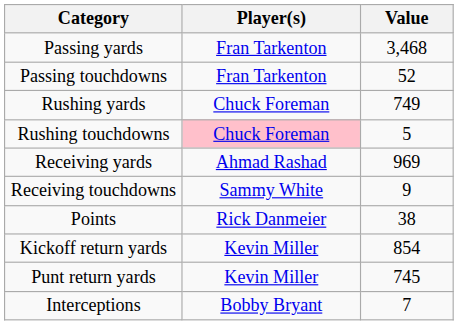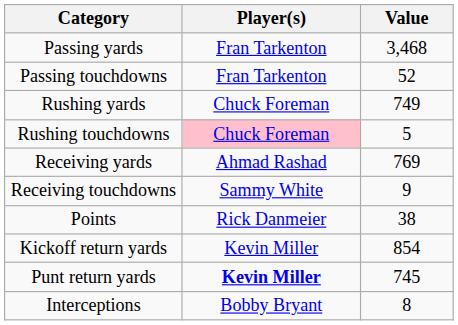 <table class="wikitable" style="text-align:center">
 <tr>
 <th width=150px>Category</th>
 <th width=150px>Player(s)</th>
 <th width=75px>Value</th>
 </tr>
 <tr>
 <td>Passing yards</td>
 <td><a href='#'>Fran Tarkenton</a></td>
 <td>3,468</td>
 </tr>
 <tr>
 <td>Passing touchdowns</td>
 <td><a href='#'>Fran Tarkenton</a></td>
 <td>52</td>
 </tr>
 <tr>
 <td>Rushing yards</td>
 <td><a href='#'>Chuck Foreman</a></td>
 <td>749</td>
 </tr>
 <tr>
 <td>Rushing touchdowns</td>
 <td style="background: pink;"><a href='#'>Chuck Foreman</a></td>
 <td>5</td>
 </tr>
 <tr>
 <td>Receiving yards</td>
 <td><a href='#'>Ahmad Rashad</a></td>
-<td>969</td>
+<td>769</td>
 </tr>
 <tr>
 <td>Receiving touchdowns</td>
 <td><a href='#'>Sammy White</a></td>
 <td>9</td>
 </tr>
 <tr>
 <td>Points</td>
 <td><a href='#'>Rick Danmeier</a></td>
 <td>38</td>
 </tr>
 <tr>
 <td>Kickoff return yards</td>
 <td><a href='#'>Kevin Miller</a></td>
 <td>854</td>
 </tr>
 <tr>
 <td>Punt return yards</td>
-<td><a href='#'>Kevin Miller</a></td>
+<td><strong><a href='#'>Kevin Miller</a></strong></td>
 <td>745</td>
 </tr>
 <tr>
 <td>Interceptions</td>
 <td><a href='#'>Bobby Bryant</a></td>
-<td>7</td>
+<td>8</td>
 </tr>
 </table>
